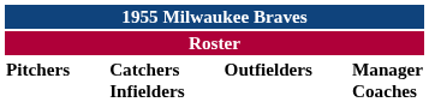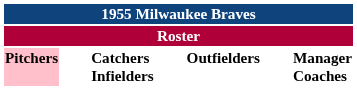 <table class="toccolours" style="font-size: 95%;">
 <tr>
 <th colspan="10" style="background-color: #0f437c; color: white; text-align: center;">1955 Milwaukee Braves</th>
 </tr>
 <tr>
 <td colspan="10" style="background-color: #af0039; color: white; text-align: center;"><strong>Roster</strong></td>
 </tr>
 <tr>
-<td valign="top"><strong>Pitchers</strong><br>              </td>
+<td valign="top" style="background: pink;"><strong>Pitchers</strong><br>              </td>
 <td width="25px"></td>
 <td valign="top"><strong>Catchers</strong><br>    <strong>Infielders</strong>        </td>
 <td width="25px"></td>
 <td valign="top"><strong>Outfielders</strong><br>    </td>
 <td width="25px"></td>
 <td valign="top"><strong>Manager</strong><br> <strong>Coaches</strong>   </td>
 </tr>
 </table>
